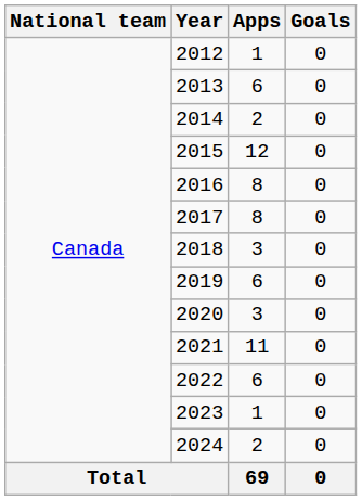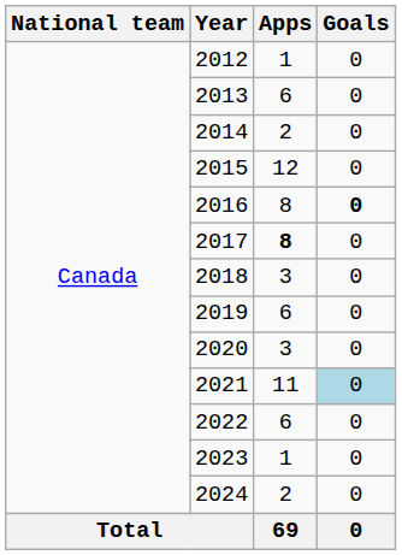 <table class="wikitable" style="text-align:center">
 <tr>
 <th>National team</th>
 <th>Year</th>
 <th>Apps</th>
 <th>Goals</th>
 </tr>
 <tr>
 <td rowspan="13"><a href='#'>Canada</a></td>
 <td>2012</td>
 <td>1</td>
 <td>0</td>
 </tr>
 <tr>
 <td>2013</td>
 <td>6</td>
 <td>0</td>
 </tr>
 <tr>
 <td>2014</td>
 <td>2</td>
 <td>0</td>
 </tr>
 <tr>
 <td>2015</td>
 <td>12</td>
 <td>0</td>
 </tr>
 <tr>
 <td>2016</td>
 <td>8</td>
-<td>0</td>
+<td><strong>0</strong></td>
 </tr>
 <tr>
 <td>2017</td>
-<td>8</td>
+<td><strong>8</strong></td>
 <td>0</td>
 </tr>
 <tr>
 <td>2018</td>
 <td>3</td>
 <td>0</td>
 </tr>
 <tr>
 <td>2019</td>
 <td>6</td>
 <td>0</td>
 </tr>
 <tr>
 <td>2020</td>
 <td>3</td>
 <td>0</td>
 </tr>
 <tr>
 <td>2021</td>
 <td>11</td>
-<td>0</td>
+<td style="background: lightblue;">0</td>
 </tr>
 <tr>
 <td>2022</td>
 <td>6</td>
 <td>0</td>
 </tr>
 <tr>
 <td>2023</td>
 <td>1</td>
 <td>0</td>
 </tr>
 <tr>
 <td>2024</td>
 <td>2</td>
 <td>0</td>
 </tr>
 <tr>
 <th colspan="2">Total</th>
 <th>69</th>
 <th>0</th>
 </tr>
 </table>
